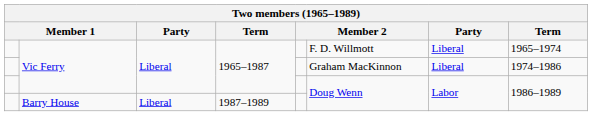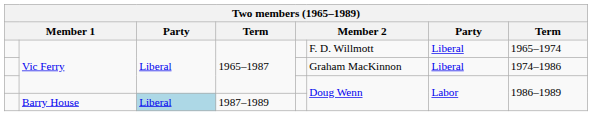 <table class="wikitable" width="66%">
 <tr>
 <th colspan="8">Two members (1965–1989)</th>
 </tr>
 <tr>
 <th colspan="2" width="15%">Member 1</th>
 <th width="9%">Party</th>
 <th width="9%">Term</th>
 <th colspan="2" width="15%">Member 2</th>
 <th width="9%">Party</th>
 <th width="9%">Term</th>
 </tr>
 <tr>
 <td> </td>
 <td rowspan="3"><a href='#'>Vic Ferry</a></td>
 <td rowspan="3"><a href='#'>Liberal</a></td>
 <td rowspan="3">1965–1987</td>
 <td> </td>
 <td>F. D. Willmott</td>
 <td><a href='#'>Liberal</a></td>
 <td>1965–1974</td>
 </tr>
 <tr>
 <td> </td>
 <td> </td>
 <td>Graham MacKinnon</td>
 <td><a href='#'>Liberal</a></td>
 <td>1974–1986</td>
 </tr>
 <tr>
 <td> </td>
 <td> </td>
 <td rowspan="2"><a href='#'>Doug Wenn</a></td>
 <td rowspan="2"><a href='#'>Labor</a></td>
 <td rowspan="2">1986–1989</td>
 </tr>
 <tr>
 <td> </td>
 <td><a href='#'>Barry House</a></td>
-<td><a href='#'>Liberal</a></td>
+<td style="background: lightblue;"><a href='#'>Liberal</a></td>
 <td>1987–1989</td>
 <td> </td>
 </tr>
 </table>
